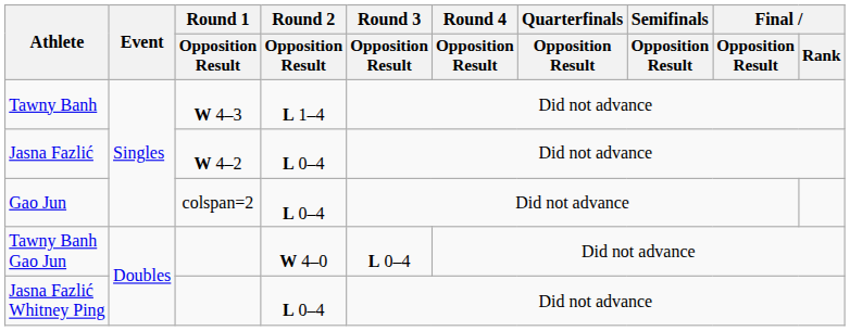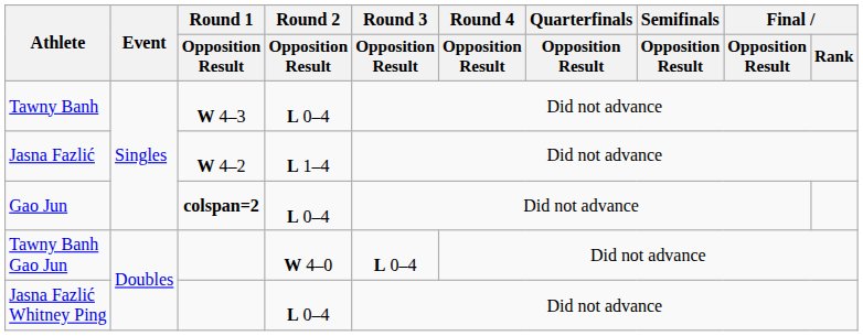 <table class=wikitable style=font-size:90%;text-align:center>
 <tr>
 <th rowspan=2>Athlete</th>
 <th rowspan=2>Event</th>
 <th>Round 1</th>
 <th>Round 2</th>
 <th>Round 3</th>
 <th>Round 4</th>
 <th>Quarterfinals</th>
 <th>Semifinals</th>
 <th colspan=2>Final / </th>
 </tr>
 <tr style=font-size:95%>
 <th>Opposition<br>Result</th>
 <th>Opposition<br>Result</th>
 <th>Opposition<br>Result</th>
 <th>Opposition<br>Result</th>
 <th>Opposition<br>Result</th>
 <th>Opposition<br>Result</th>
 <th>Opposition<br>Result</th>
 <th>Rank</th>
 </tr>
 <tr>
 <td align=left><a href='#'>Tawny Banh</a></td>
 <td align=left rowspan=3><a href='#'>Singles</a></td>
 <td><br><strong>W</strong> 4–3</td>
-<td><br><strong>L</strong> 1–4</td>
+<td><br><strong>L</strong> 0–4</td>
 <td colspan=6>Did not advance</td>
 </tr>
 <tr>
 <td align=left><a href='#'>Jasna Fazlić</a></td>
 <td><br><strong>W</strong> 4–2</td>
-<td><br><strong>L</strong> 0–4</td>
+<td><br><strong>L</strong> 1–4</td>
 <td colspan=6>Did not advance</td>
 </tr>
 <tr>
 <td align=left><a href='#'>Gao Jun</a></td>
-<td>colspan=2 </td>
+<td><strong>colspan=2 </strong></td>
 <td><br><strong>L</strong> 0–4</td>
 <td colspan=5>Did not advance</td>
 </tr>
 <tr>
 <td align=left><a href='#'>Tawny Banh</a><br><a href='#'>Gao Jun</a></td>
 <td align=left rowspan=2><a href='#'>Doubles</a></td>
 <td></td>
 <td><br><strong>W</strong> 4–0</td>
 <td><br><strong>L</strong> 0–4</td>
 <td colspan=5>Did not advance</td>
 </tr>
 <tr>
 <td align=left><a href='#'>Jasna Fazlić</a><br><a href='#'>Whitney Ping</a></td>
 <td></td>
 <td><br><strong>L</strong> 0–4</td>
 <td colspan=6>Did not advance</td>
 </tr>
 </table>
